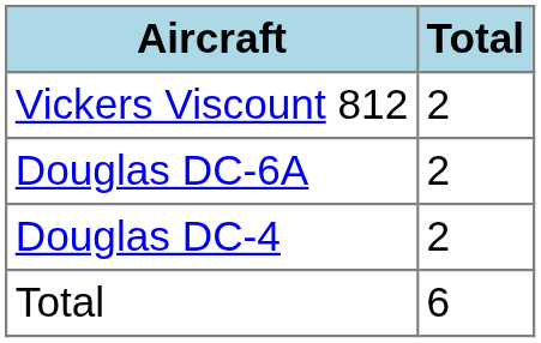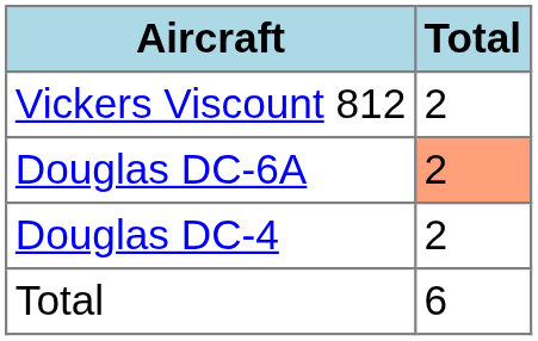 <table class="toccolours" border="1" cellpadding="3" style="border-collapse:collapse">
 <tr bgcolor=lightblue>
 <th>Aircraft</th>
 <th>Total</th>
 </tr>
 <tr>
 <td><a href='#'>Vickers Viscount</a> 812</td>
 <td>2</td>
 </tr>
 <tr>
 <td><a href='#'>Douglas DC-6A</a></td>
-<td>2</td>
+<td style="background: lightsalmon;">2</td>
 </tr>
 <tr>
 <td><a href='#'>Douglas DC-4</a></td>
 <td>2</td>
 </tr>
 <tr>
 <td>Total</td>
 <td>6</td>
 </tr>
 </table>
